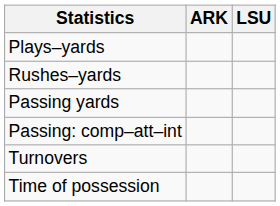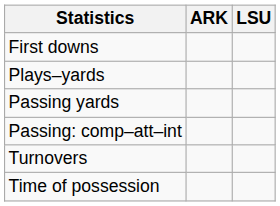 <table class="wikitable" style="float:left">
 <tr>
 <th>Statistics</th>
 <th>ARK</th>
 <th>LSU</th>
 </tr>
 <tr>
-<td>Plays–yards</td>
+<td>First downs</td>
 <td></td>
 <td></td>
 </tr>
 <tr>
-<td>Rushes–yards</td>
+<td>Plays–yards</td>
 <td></td>
 <td></td>
 </tr>
 <tr>
 <td>Passing yards</td>
 <td></td>
 <td></td>
 </tr>
 <tr>
 <td>Passing: comp–att–int</td>
 <td></td>
 <td></td>
 </tr>
 <tr>
 <td>Turnovers</td>
 <td></td>
 <td></td>
 </tr>
 <tr>
 <td>Time of possession</td>
 <td></td>
 <td></td>
 </tr>
 </table>
